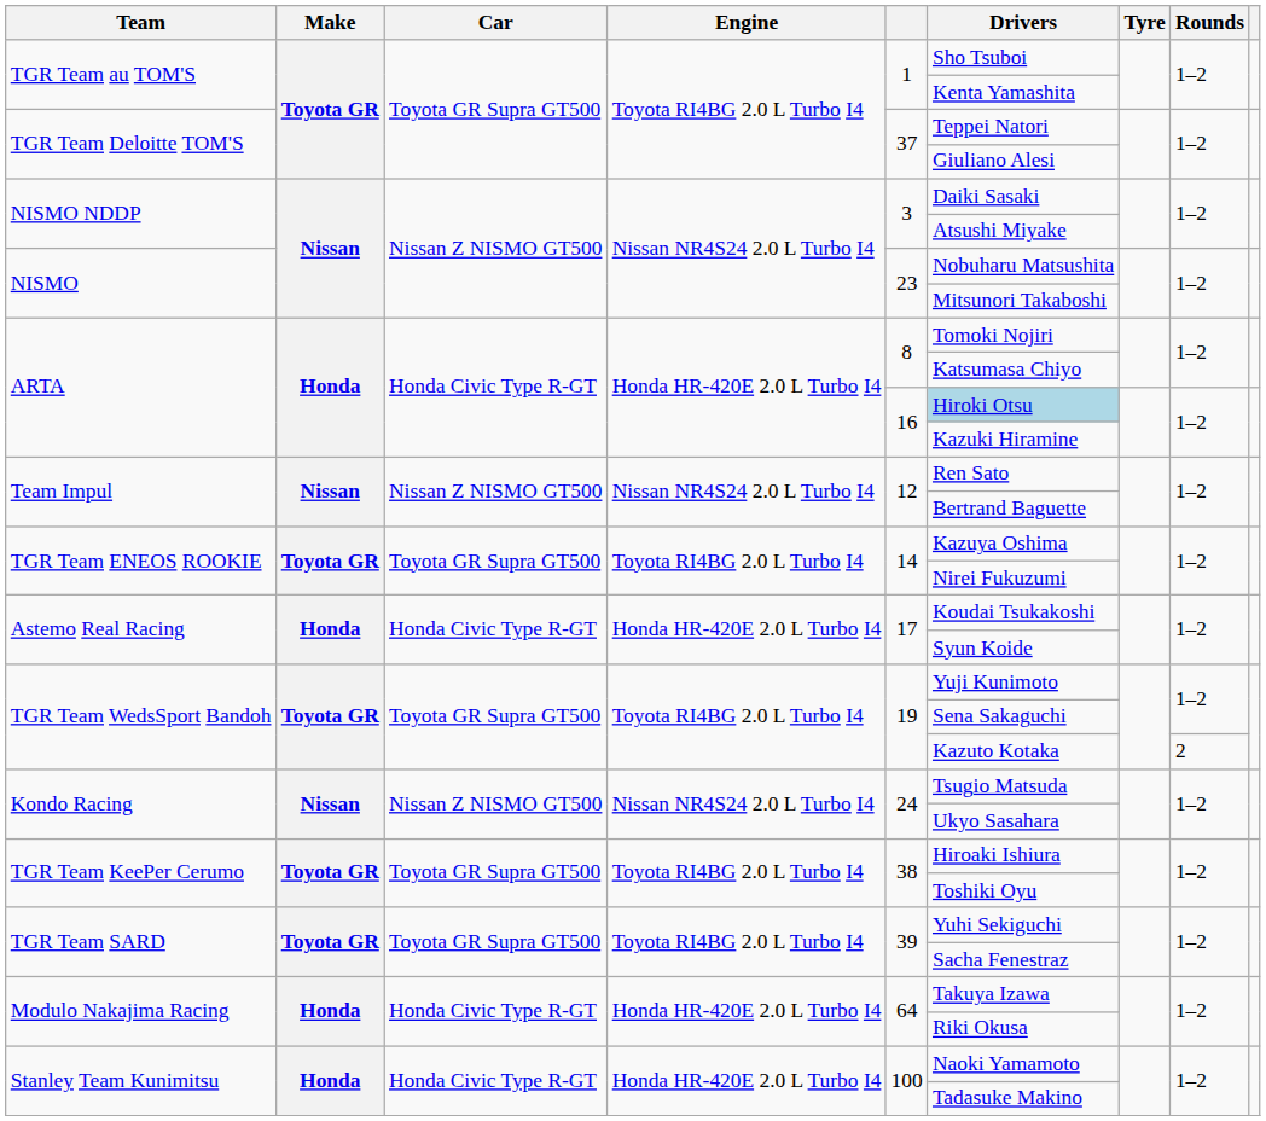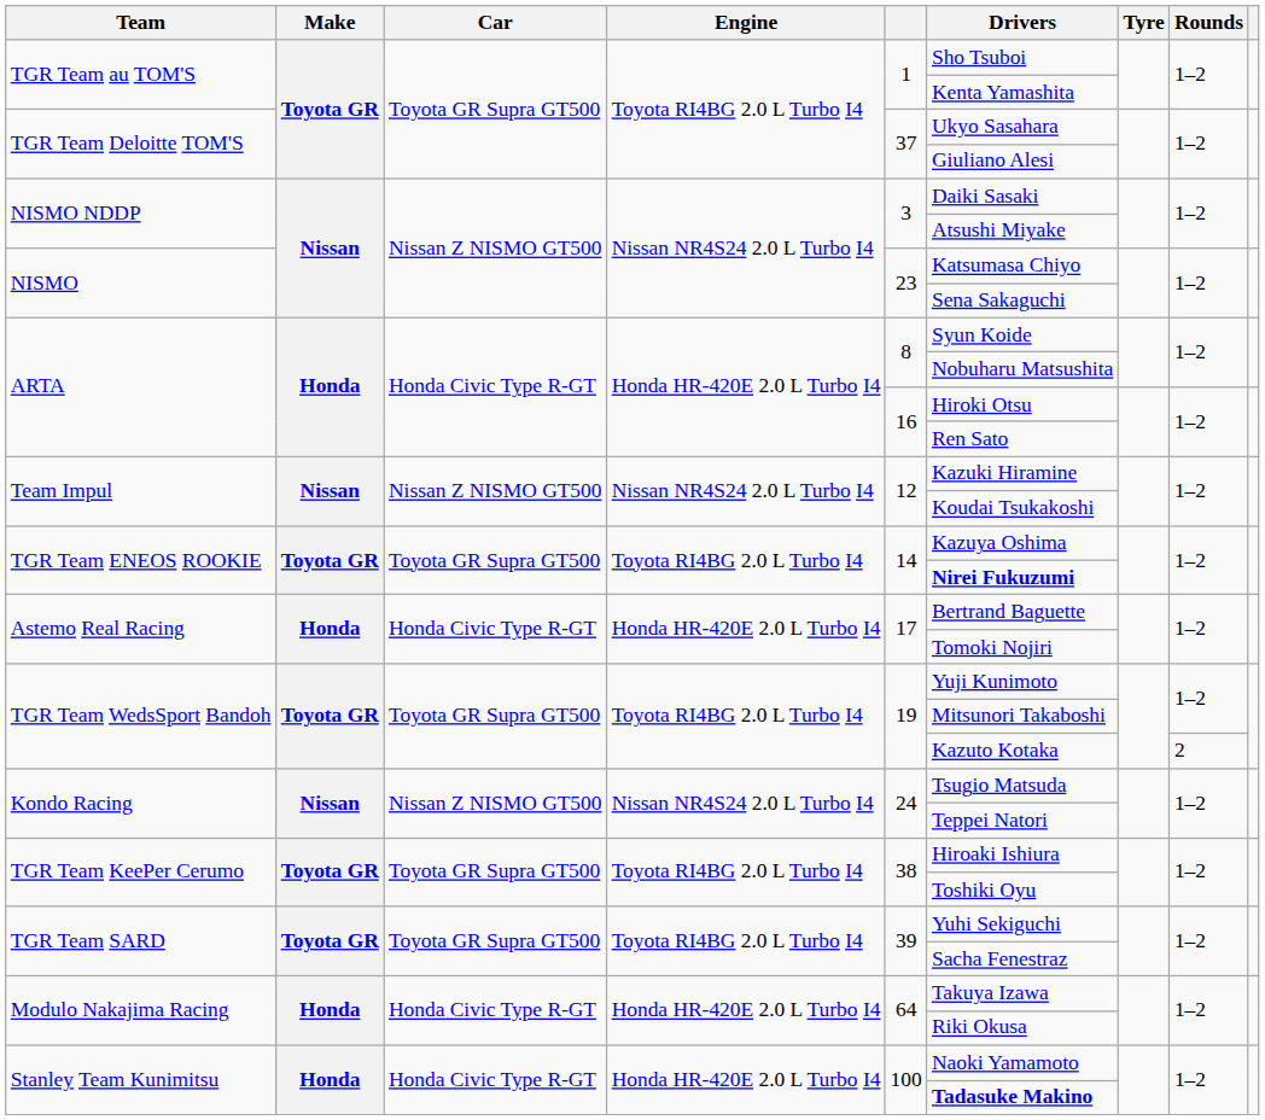 <table class="wikitable" style="font-size: 85%">
 <tr>
 <th>Team</th>
 <th>Make</th>
 <th>Car</th>
 <th>Engine</th>
 <th></th>
 <th>Drivers</th>
 <th>Tyre</th>
 <th>Rounds</th>
 <th></th>
 </tr>
 <tr>
 <td rowspan="2"> <a href='#'>TGR Team</a> <a href='#'>au</a> <a href='#'>TOM'S</a></td>
 <th rowspan="4"><a href='#'>Toyota GR</a></th>
 <td rowspan="4"><a href='#'>Toyota GR Supra GT500</a></td>
 <td rowspan="4"><a href='#'>Toyota RI4BG</a> 2.0 L <a href='#'>Turbo</a> <a href='#'>I4</a></td>
 <td rowspan="2" align="center">1</td>
 <td> <a href='#'>Sho Tsuboi</a></td>
 <td rowspan="2" align="center"></td>
 <td rowspan="2">1–2</td>
 <td rowspan="2" align="center"></td>
 </tr>
 <tr>
 <td> <a href='#'>Kenta Yamashita</a></td>
 </tr>
 <tr>
 <td rowspan="2"> <a href='#'>TGR Team</a> <a href='#'>Deloitte</a> <a href='#'>TOM'S</a></td>
 <td rowspan="2" align="center">37</td>
-<td> <a href='#'>Teppei Natori</a></td>
+<td> <a href='#'>Ukyo Sasahara</a></td>
 <td rowspan="2" align="center"></td>
 <td rowspan="2">1–2</td>
 <td rowspan="2" align="center"></td>
 </tr>
 <tr>
 <td> <a href='#'>Giuliano Alesi</a></td>
 </tr>
 <tr>
 <td rowspan="2"> <a href='#'>NISMO NDDP</a></td>
 <th rowspan="4"><a href='#'>Nissan</a></th>
 <td rowspan="4"><a href='#'>Nissan Z NISMO GT500</a></td>
 <td rowspan="4"><a href='#'>Nissan NR4S24</a> 2.0 L <a href='#'>Turbo</a> <a href='#'>I4</a></td>
 <td align="center" rowspan=2>3</td>
 <td> <a href='#'>Daiki Sasaki</a></td>
 <td rowspan="2" align="center"></td>
 <td rowspan="2">1–2</td>
 <td rowspan="2" align="center"></td>
 </tr>
 <tr>
 <td> <a href='#'>Atsushi Miyake</a></td>
 </tr>
 <tr>
 <td rowspan="2"> <a href='#'>NISMO</a></td>
 <td rowspan="2" align="center">23</td>
-<td> <a href='#'>Nobuharu Matsushita</a></td>
+<td> <a href='#'>Katsumasa Chiyo</a></td>
 <td rowspan="2" align="center"></td>
 <td rowspan="2">1–2</td>
 <td rowspan="2" align="center"></td>
 </tr>
 <tr>
-<td> <a href='#'>Mitsunori Takaboshi</a></td>
+<td> <a href='#'>Sena Sakaguchi</a></td>
 </tr>
 <tr>
 <td rowspan="4"> <a href='#'>ARTA</a></td>
 <th rowspan="4"><a href='#'>Honda</a></th>
 <td rowspan="4"><a href='#'>Honda Civic Type R-GT</a></td>
 <td rowspan="4"><a href='#'>Honda HR-420E</a> 2.0 L <a href='#'>Turbo</a> <a href='#'>I4</a></td>
 <td rowspan="2" align="center">8</td>
-<td> <a href='#'>Tomoki Nojiri</a></td>
+<td> <a href='#'>Syun Koide</a></td>
 <td rowspan="2" align="center"></td>
 <td rowspan="2">1–2</td>
 <td rowspan="2" align="center"></td>
 </tr>
 <tr>
-<td> <a href='#'>Katsumasa Chiyo</a></td>
+<td> <a href='#'>Nobuharu Matsushita</a></td>
 </tr>
 <tr>
 <td rowspan="2" align="center">16</td>
-<td style="background: lightblue;"> <a href='#'>Hiroki Otsu</a></td>
+<td> <a href='#'>Hiroki Otsu</a></td>
 <td rowspan="2" align="center"></td>
 <td rowspan="2">1–2</td>
 <td rowspan="2" align="center"></td>
 </tr>
 <tr>
-<td> <a href='#'>Kazuki Hiramine</a></td>
+<td> <a href='#'>Ren Sato</a></td>
 </tr>
 <tr>
 <td rowspan="2"> <a href='#'>Team Impul</a></td>
 <th rowspan="2"><a href='#'>Nissan</a></th>
 <td rowspan="2"><a href='#'>Nissan Z NISMO GT500</a></td>
 <td rowspan="2"><a href='#'>Nissan NR4S24</a> 2.0 L <a href='#'>Turbo</a> <a href='#'>I4</a></td>
 <td align="center" rowspan="2">12</td>
-<td> <a href='#'>Ren Sato</a></td>
+<td> <a href='#'>Kazuki Hiramine</a></td>
 <td rowspan="2" align="center"></td>
 <td rowspan="2">1–2</td>
 <td rowspan="2" align="center"></td>
 </tr>
 <tr>
-<td> <a href='#'>Bertrand Baguette</a></td>
+<td> <a href='#'>Koudai Tsukakoshi</a></td>
 </tr>
 <tr>
 <td rowspan="2"> <a href='#'>TGR Team</a> <a href='#'>ENEOS</a> <a href='#'>ROOKIE</a></td>
 <th rowspan="2"><a href='#'>Toyota GR</a></th>
 <td rowspan="2"><a href='#'>Toyota GR Supra GT500</a></td>
 <td rowspan="2"><a href='#'>Toyota RI4BG</a> 2.0 L <a href='#'>Turbo</a> <a href='#'>I4</a></td>
 <td align="center" rowspan="2">14</td>
 <td> <a href='#'>Kazuya Oshima</a></td>
 <td rowspan="2" align="center"></td>
 <td rowspan="2">1–2</td>
 <td rowspan="2" align="center"></td>
 </tr>
 <tr>
-<td> <a href='#'>Nirei Fukuzumi</a></td>
+<td><strong> <a href='#'>Nirei Fukuzumi</a></strong></td>
 </tr>
 <tr>
 <td rowspan="2"> <a href='#'>Astemo</a> <a href='#'>Real Racing</a></td>
 <th rowspan="2"><a href='#'>Honda</a></th>
 <td rowspan="2"><a href='#'>Honda Civic Type R-GT</a></td>
 <td rowspan="2"><a href='#'>Honda HR-420E</a> 2.0 L <a href='#'>Turbo</a> <a href='#'>I4</a></td>
 <td rowspan="2" align="center">17</td>
-<td> <a href='#'>Koudai Tsukakoshi</a></td>
+<td> <a href='#'>Bertrand Baguette</a></td>
 <td rowspan="2" align="center"></td>
 <td rowspan="2">1–2</td>
 <td rowspan="2" align="center"></td>
 </tr>
 <tr>
-<td> <a href='#'>Syun Koide</a></td>
+<td> <a href='#'>Tomoki Nojiri</a></td>
 </tr>
 <tr>
 <td rowspan="3"> <a href='#'>TGR Team</a> <a href='#'>WedsSport</a> <a href='#'>Bandoh</a></td>
 <th rowspan="3"><a href='#'>Toyota GR</a></th>
 <td rowspan="3"><a href='#'>Toyota GR Supra GT500</a></td>
 <td rowspan="3"><a href='#'>Toyota RI4BG</a> 2.0 L <a href='#'>Turbo</a> <a href='#'>I4</a></td>
 <td align="center" rowspan="3">19</td>
 <td> <a href='#'>Yuji Kunimoto</a></td>
 <td rowspan="3" align="center"></td>
 <td rowspan="2">1–2</td>
 <td rowspan="3" align="center"></td>
 </tr>
 <tr>
-<td> <a href='#'>Sena Sakaguchi</a></td>
+<td> <a href='#'>Mitsunori Takaboshi</a></td>
 </tr>
 <tr>
 <td> <a href='#'>Kazuto Kotaka</a></td>
 <td>2</td>
 </tr>
 <tr>
 <td rowspan="2"> <a href='#'>Kondo Racing</a></td>
 <th rowspan="2"><a href='#'>Nissan</a></th>
 <td rowspan="2"><a href='#'>Nissan Z NISMO GT500</a></td>
 <td rowspan="2"><a href='#'>Nissan NR4S24</a> 2.0 L <a href='#'>Turbo</a> <a href='#'>I4</a></td>
 <td align="center" rowspan="2">24</td>
 <td> <a href='#'>Tsugio Matsuda</a></td>
 <td rowspan="2" align="center"></td>
 <td rowspan="2">1–2</td>
 <td rowspan="2" align="center"></td>
 </tr>
 <tr>
-<td> <a href='#'>Ukyo Sasahara</a></td>
+<td> <a href='#'>Teppei Natori</a></td>
 </tr>
 <tr>
 <td rowspan="2"> <a href='#'>TGR Team</a> <a href='#'>KeePer Cerumo</a></td>
 <th rowspan="2"><a href='#'>Toyota GR</a></th>
 <td rowspan="2"><a href='#'>Toyota GR Supra GT500</a></td>
 <td rowspan="2"><a href='#'>Toyota RI4BG</a> 2.0 L <a href='#'>Turbo</a> <a href='#'>I4</a></td>
 <td rowspan="2" align="center">38</td>
 <td> <a href='#'>Hiroaki Ishiura</a></td>
 <td rowspan="2" align="center"></td>
 <td rowspan="2">1–2</td>
 <td rowspan="2" align="center"></td>
 </tr>
 <tr>
 <td> <a href='#'>Toshiki Oyu</a></td>
 </tr>
 <tr>
 <td rowspan="2"> <a href='#'>TGR Team</a> <a href='#'>SARD</a></td>
 <th rowspan="2"><a href='#'>Toyota GR</a></th>
 <td rowspan="2"><a href='#'>Toyota GR Supra GT500</a></td>
 <td rowspan="2"><a href='#'>Toyota RI4BG</a> 2.0 L <a href='#'>Turbo</a> <a href='#'>I4</a></td>
 <td align="center" rowspan="2">39</td>
 <td> <a href='#'>Yuhi Sekiguchi</a></td>
 <td rowspan="2" align="center"></td>
 <td rowspan="2">1–2</td>
 <td rowspan="2" align="center"></td>
 </tr>
 <tr>
 <td> <a href='#'>Sacha Fenestraz</a></td>
 </tr>
 <tr>
 <td rowspan="2"> <a href='#'>Modulo Nakajima Racing</a></td>
 <th rowspan="2"><a href='#'>Honda</a></th>
 <td rowspan="2"><a href='#'>Honda Civic Type R-GT</a></td>
 <td rowspan="2"><a href='#'>Honda HR-420E</a> 2.0 L <a href='#'>Turbo</a> <a href='#'>I4</a></td>
 <td rowspan="2" align="center">64</td>
 <td> <a href='#'>Takuya Izawa</a></td>
 <td rowspan="2" align="center"></td>
 <td rowspan="2">1–2</td>
 <td rowspan="2" align="center"></td>
 </tr>
 <tr>
 <td> <a href='#'>Riki Okusa</a></td>
 </tr>
 <tr>
 <td rowspan="2"> <a href='#'>Stanley</a> <a href='#'>Team Kunimitsu</a></td>
 <th rowspan="2"><a href='#'>Honda</a></th>
 <td rowspan="2"><a href='#'>Honda Civic Type R-GT</a></td>
 <td rowspan="2"><a href='#'>Honda HR-420E</a> 2.0 L <a href='#'>Turbo</a> <a href='#'>I4</a></td>
 <td rowspan="2" align="center">100</td>
 <td> <a href='#'>Naoki Yamamoto</a></td>
 <td rowspan="2" align="center"></td>
 <td rowspan="2">1–2</td>
 <td rowspan="2" align="center"></td>
 </tr>
 <tr>
-<td> <a href='#'>Tadasuke Makino</a></td>
+<td><strong> <a href='#'>Tadasuke Makino</a></strong></td>
 </tr>
 <tr>
 </tr>
 </table>
